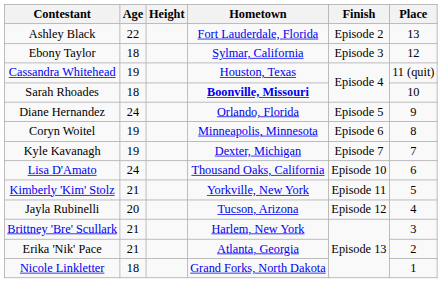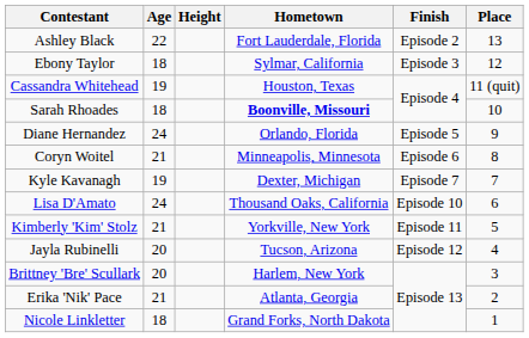 <table class="wikitable sortable" style="text-align:center;">
 <tr>
 <th>Contestant</th>
 <th>Age</th>
 <th>Height</th>
 <th>Hometown</th>
 <th>Finish</th>
 <th>Place</th>
 </tr>
 <tr>
 <td>Ashley Black</td>
 <td>22</td>
 <td></td>
 <td><a href='#'>Fort Lauderdale, Florida</a></td>
 <td>Episode 2</td>
 <td>13</td>
 </tr>
 <tr>
 <td>Ebony Taylor</td>
 <td>18</td>
 <td nowrap></td>
 <td nowrap><a href='#'>Sylmar, California</a></td>
 <td>Episode 3</td>
 <td>12</td>
 </tr>
 <tr>
 <td nowrap><a href='#'>Cassandra Whitehead</a></td>
 <td>19</td>
 <td></td>
 <td><a href='#'>Houston, Texas</a></td>
 <td rowspan="2">Episode 4</td>
 <td>11 (quit)</td>
 </tr>
 <tr>
 <td>Sarah Rhoades</td>
 <td>18</td>
 <td></td>
 <td><strong><a href='#'>Boonville, Missouri</a></strong></td>
 <td>10</td>
 </tr>
 <tr>
 <td>Diane Hernandez</td>
 <td>24</td>
 <td></td>
 <td><a href='#'>Orlando, Florida</a></td>
 <td>Episode 5</td>
 <td>9</td>
 </tr>
 <tr>
 <td>Coryn Woitel</td>
-<td>19</td>
+<td>21</td>
 <td></td>
 <td><a href='#'>Minneapolis, Minnesota</a></td>
 <td>Episode 6</td>
 <td>8</td>
 </tr>
 <tr>
 <td>Kyle Kavanagh</td>
 <td>19</td>
 <td></td>
 <td><a href='#'>Dexter, Michigan</a></td>
 <td>Episode 7</td>
 <td>7</td>
 </tr>
 <tr>
 <td><a href='#'>Lisa D'Amato</a></td>
 <td>24</td>
 <td></td>
 <td><a href='#'>Thousand Oaks, California</a></td>
 <td nowrap>Episode 10</td>
 <td>6</td>
 </tr>
 <tr>
 <td><a href='#'>Kimberly 'Kim' Stolz</a></td>
 <td>21</td>
 <td></td>
 <td><a href='#'>Yorkville, New York</a></td>
 <td>Episode 11</td>
 <td>5</td>
 </tr>
 <tr>
 <td>Jayla Rubinelli</td>
 <td>20</td>
 <td></td>
 <td><a href='#'>Tucson, Arizona</a></td>
 <td>Episode 12</td>
 <td>4</td>
 </tr>
 <tr>
 <td><a href='#'>Brittney 'Bre' Scullark</a></td>
-<td>21</td>
+<td>20</td>
 <td></td>
 <td><a href='#'>Harlem, New York</a></td>
 <td rowspan="3">Episode 13</td>
 <td>3</td>
 </tr>
 <tr>
 <td>Erika 'Nik' Pace</td>
 <td>21</td>
 <td></td>
 <td><a href='#'>Atlanta, Georgia</a></td>
 <td>2</td>
 </tr>
 <tr>
 <td><a href='#'>Nicole Linkletter</a></td>
 <td>18</td>
 <td></td>
 <td nowrap><a href='#'>Grand Forks, North Dakota</a></td>
 <td>1</td>
 </tr>
 </table>
